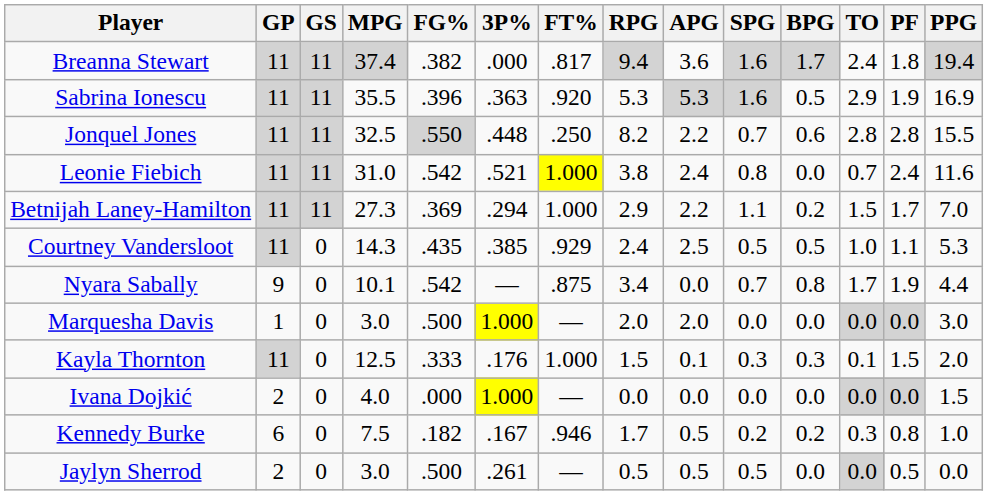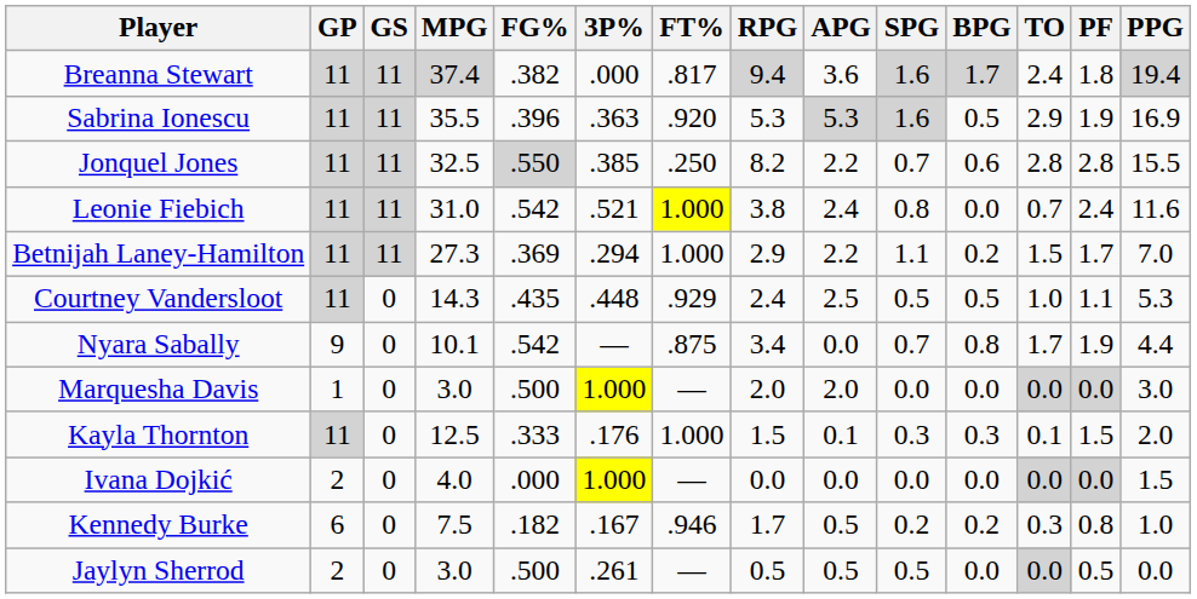 <table class="wikitable sortable" style="text-align:center;">
 <tr>
 <th>Player</th>
 <th>GP</th>
 <th>GS</th>
 <th>MPG</th>
 <th>FG%</th>
 <th>3P%</th>
 <th>FT%</th>
 <th>RPG</th>
 <th>APG</th>
 <th>SPG</th>
 <th>BPG</th>
 <th>TO</th>
 <th>PF</th>
 <th>PPG</th>
 </tr>
 <tr>
 <td><a href='#'>Breanna Stewart</a></td>
 <td style="background:#D3D3D3;">11</td>
 <td style="background:#D3D3D3;">11</td>
 <td style="background:#D3D3D3;">37.4</td>
 <td>.382</td>
 <td>.000</td>
 <td>.817</td>
 <td style="background:#D3D3D3;">9.4</td>
 <td>3.6</td>
 <td style="background:#D3D3D3;">1.6</td>
 <td style="background:#D3D3D3;">1.7</td>
 <td>2.4</td>
 <td>1.8</td>
 <td style="background:#D3D3D3;">19.4</td>
 </tr>
 <tr>
 <td><a href='#'>Sabrina Ionescu</a></td>
 <td style="background:#D3D3D3;">11</td>
 <td style="background:#D3D3D3;">11</td>
 <td>35.5</td>
 <td>.396</td>
 <td>.363</td>
 <td>.920</td>
 <td>5.3</td>
 <td style="background:#D3D3D3;">5.3</td>
 <td style="background:#D3D3D3;">1.6</td>
 <td>0.5</td>
 <td>2.9</td>
 <td>1.9</td>
 <td>16.9</td>
 </tr>
 <tr>
 <td><a href='#'>Jonquel Jones</a></td>
 <td style="background:#D3D3D3;">11</td>
 <td style="background:#D3D3D3;">11</td>
 <td>32.5</td>
 <td style="background:#D3D3D3;">.550</td>
-<td>.448</td>
+<td>.385</td>
 <td>.250</td>
 <td>8.2</td>
 <td>2.2</td>
 <td>0.7</td>
 <td>0.6</td>
 <td>2.8</td>
 <td>2.8</td>
 <td>15.5</td>
 </tr>
 <tr>
 <td><a href='#'>Leonie Fiebich</a></td>
 <td style="background:#D3D3D3;">11</td>
 <td style="background:#D3D3D3;">11</td>
 <td>31.0</td>
 <td>.542</td>
 <td>.521</td>
 <td style="background:yellow;">1.000</td>
 <td>3.8</td>
 <td>2.4</td>
 <td>0.8</td>
 <td>0.0</td>
 <td>0.7</td>
 <td>2.4</td>
 <td>11.6</td>
 </tr>
 <tr>
 <td><a href='#'>Betnijah Laney-Hamilton</a></td>
 <td style="background:#D3D3D3;">11</td>
 <td style="background:#D3D3D3;">11</td>
 <td>27.3</td>
 <td>.369</td>
 <td>.294</td>
 <td>1.000</td>
 <td>2.9</td>
 <td>2.2</td>
 <td>1.1</td>
 <td>0.2</td>
 <td>1.5</td>
 <td>1.7</td>
 <td>7.0</td>
 </tr>
 <tr>
 <td><a href='#'>Courtney Vandersloot</a></td>
 <td style="background:#D3D3D3;">11</td>
 <td>0</td>
 <td>14.3</td>
 <td>.435</td>
-<td>.385</td>
+<td>.448</td>
 <td>.929</td>
 <td>2.4</td>
 <td>2.5</td>
 <td>0.5</td>
 <td>0.5</td>
 <td>1.0</td>
 <td>1.1</td>
 <td>5.3</td>
 </tr>
 <tr>
 <td><a href='#'>Nyara Sabally</a></td>
 <td>9</td>
 <td>0</td>
 <td>10.1</td>
 <td>.542</td>
 <td>—</td>
 <td>.875</td>
 <td>3.4</td>
 <td>0.0</td>
 <td>0.7</td>
 <td>0.8</td>
 <td>1.7</td>
 <td>1.9</td>
 <td>4.4</td>
 </tr>
 <tr>
 <td><a href='#'>Marquesha Davis</a></td>
 <td>1</td>
 <td>0</td>
 <td>3.0</td>
 <td>.500</td>
 <td style="background:yellow;">1.000</td>
 <td>—</td>
 <td>2.0</td>
 <td>2.0</td>
 <td>0.0</td>
 <td>0.0</td>
 <td style="background:#D3D3D3;">0.0</td>
 <td style="background:#D3D3D3;">0.0</td>
 <td>3.0</td>
 </tr>
 <tr>
 <td><a href='#'>Kayla Thornton</a></td>
 <td style="background:#D3D3D3;">11</td>
 <td>0</td>
 <td>12.5</td>
 <td>.333</td>
 <td>.176</td>
 <td>1.000</td>
 <td>1.5</td>
 <td>0.1</td>
 <td>0.3</td>
 <td>0.3</td>
 <td>0.1</td>
 <td>1.5</td>
 <td>2.0</td>
 </tr>
 <tr>
 <td><a href='#'>Ivana Dojkić</a></td>
 <td>2</td>
 <td>0</td>
 <td>4.0</td>
 <td>.000</td>
 <td style="background:yellow;">1.000</td>
 <td>—</td>
 <td>0.0</td>
 <td>0.0</td>
 <td>0.0</td>
 <td>0.0</td>
 <td style="background:#D3D3D3;">0.0</td>
 <td style="background:#D3D3D3;">0.0</td>
 <td>1.5</td>
 </tr>
 <tr>
 <td><a href='#'>Kennedy Burke</a></td>
 <td>6</td>
 <td>0</td>
 <td>7.5</td>
 <td>.182</td>
 <td>.167</td>
 <td>.946</td>
 <td>1.7</td>
 <td>0.5</td>
 <td>0.2</td>
 <td>0.2</td>
 <td>0.3</td>
 <td>0.8</td>
 <td>1.0</td>
 </tr>
 <tr>
 <td><a href='#'>Jaylyn Sherrod</a></td>
 <td>2</td>
 <td>0</td>
 <td>3.0</td>
 <td>.500</td>
 <td>.261</td>
 <td>—</td>
 <td>0.5</td>
 <td>0.5</td>
 <td>0.5</td>
 <td>0.0</td>
 <td style="background:#D3D3D3;">0.0</td>
 <td>0.5</td>
 <td>0.0</td>
 </tr>
 </table>
